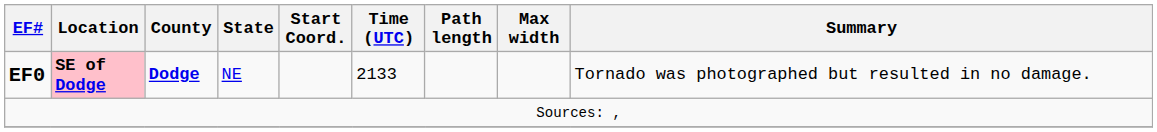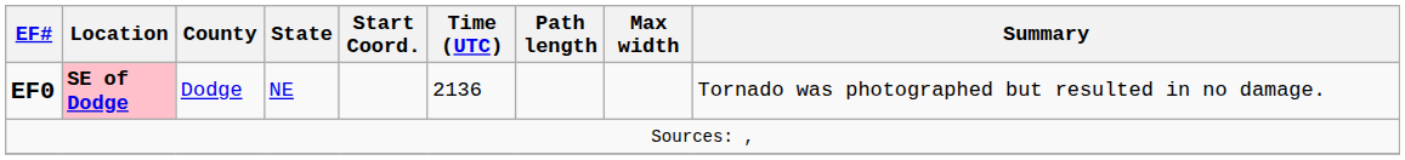 <table class="wikitable collapsible" width="100%">
 <tr>
 <th scope="col"  style="width:3%; text-align:center;"><a href='#'>EF#</a></th>
 <th scope="col"  style="width:7%; text-align:center;" class="unsortable">Location</th>
 <th scope="col"  style="width:6%; text-align:center;" class="unsortable">County</th>
 <th scope="col"  style="width:5%; text-align:center;">State</th>
 <th scope="col"  style="width:6%; text-align:center;">Start Coord.</th>
 <th scope="col"  style="width:6%; text-align:center;">Time (<a href='#'>UTC</a>)</th>
 <th scope="col"  style="width:6%; text-align:center;">Path length</th>
 <th scope="col"  style="width:6%; text-align:center;">Max width</th>
 <th scope="col" class="unsortable" style="width:48%; text-align:center;">Summary</th>
 </tr>
 <tr>
 <td><big><strong>EF0</strong></big></td>
 <td style="background: pink;"><strong>SE of <a href='#'>Dodge</a></strong></td>
-<td><strong><a href='#'>Dodge</a></strong></td>
+<td><a href='#'>Dodge</a></td>
 <td><a href='#'>NE</a></td>
 <td></td>
-<td>2133</td>
+<td>2136</td>
 <td></td>
 <td></td>
 <td>Tornado was photographed but resulted in no damage.</td>
 </tr>
 <tr>
 <td colspan="9" align=center><small>Sources: , </small></td>
 </tr>
 <tr>
 </tr>
 </table>
